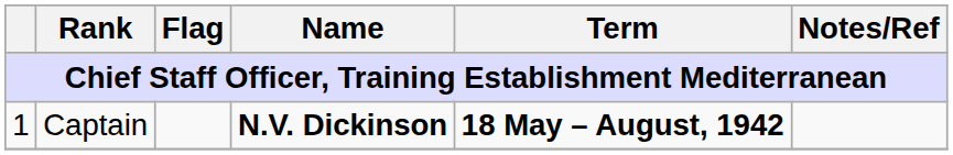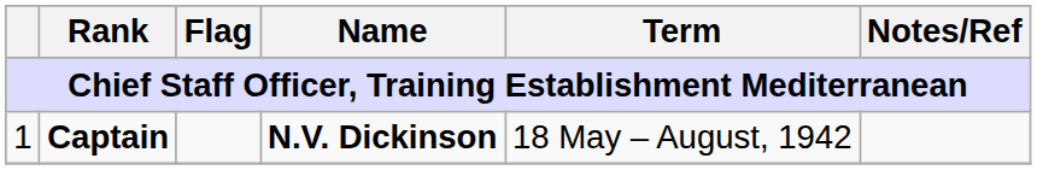 <table class="wikitable">
 <tr>
 <th></th>
 <th>Rank</th>
 <th>Flag</th>
 <th>Name</th>
 <th>Term</th>
 <th>Notes/Ref</th>
 </tr>
 <tr>
 <td colspan="6" align="center" style="background:#dcdcfe;"><strong>Chief Staff Officer, Training Establishment Mediterranean</strong></td>
 </tr>
 <tr>
 <td>1</td>
-<td>Captain</td>
+<td><strong>Captain</strong></td>
 <td></td>
 <td><strong>N.V. Dickinson</strong></td>
-<td><strong>18 May – August, 1942</strong></td>
+<td>18 May – August, 1942</td>
 <td></td>
 </tr>
 <tr>
 </tr>
 </table>
